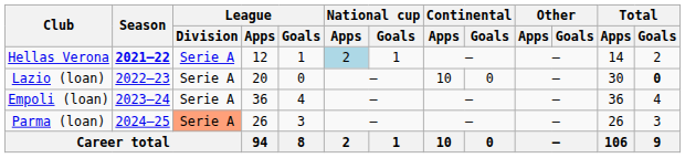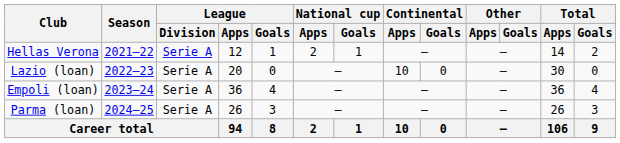 <table class="wikitable" style="text-align:center">
 <tr>
 <th rowspan="2">Club</th>
 <th rowspan="2">Season</th>
 <th colspan="3">League</th>
 <th colspan="2">National cup</th>
 <th colspan="2">Continental</th>
 <th colspan="2">Other</th>
 <th colspan="2">Total</th>
 </tr>
 <tr>
 <th>Division</th>
 <th>Apps</th>
 <th>Goals</th>
 <th>Apps</th>
 <th>Goals</th>
 <th>Apps</th>
 <th>Goals</th>
 <th>Apps</th>
 <th>Goals</th>
 <th>Apps</th>
 <th>Goals</th>
 </tr>
 <tr>
 <td><a href='#'>Hellas Verona</a></td>
-<td><strong><a href='#'>2021–22</a></strong></td>
+<td><a href='#'>2021–22</a></td>
 <td><a href='#'>Serie A</a></td>
 <td>12</td>
 <td>1</td>
-<td style="background: lightblue;">2</td>
+<td>2</td>
 <td>1</td>
 <td colspan="2">—</td>
 <td colspan="2">—</td>
 <td>14</td>
 <td>2</td>
 </tr>
 <tr>
 <td><a href='#'>Lazio</a> (loan)</td>
 <td><a href='#'>2022–23</a></td>
 <td>Serie A</td>
 <td>20</td>
 <td>0</td>
 <td colspan="2">—</td>
 <td>10</td>
 <td>0</td>
 <td colspan="2">—</td>
 <td>30</td>
-<td><strong>0</strong></td>
+<td>0</td>
 </tr>
 <tr>
 <td><a href='#'>Empoli</a> (loan)</td>
 <td><a href='#'>2023–24</a></td>
 <td>Serie A</td>
 <td>36</td>
 <td>4</td>
 <td colspan="2">—</td>
 <td colspan="2">—</td>
 <td colspan="2">—</td>
 <td>36</td>
 <td>4</td>
 </tr>
 <tr>
 <td><a href='#'>Parma</a> (loan)</td>
 <td><a href='#'>2024–25</a></td>
-<td style="background: lightsalmon;">Serie A</td>
+<td>Serie A</td>
 <td>26</td>
 <td>3</td>
 <td colspan="2">—</td>
 <td colspan="2">—</td>
 <td colspan="2">—</td>
 <td>26</td>
 <td>3</td>
 </tr>
 <tr>
 <th colspan="3">Career total</th>
 <th>94</th>
 <th>8</th>
 <th>2</th>
 <th>1</th>
 <th>10</th>
 <th>0</th>
 <th colspan="2">—</th>
 <th>106</th>
 <th>9</th>
 </tr>
 </table>
